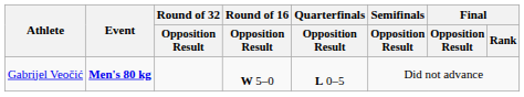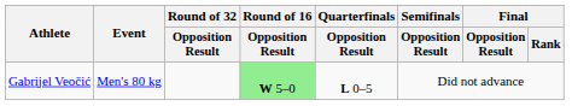 <table class="wikitable" style="font-size:90%">
 <tr>
 <th rowspan="2">Athlete</th>
 <th rowspan="2">Event</th>
 <th>Round of 32</th>
 <th>Round of 16</th>
 <th>Quarterfinals</th>
 <th>Semifinals</th>
 <th colspan=2>Final</th>
 </tr>
 <tr style="font-size:95%">
 <th>Opposition<br>Result</th>
 <th>Opposition<br>Result</th>
 <th>Opposition<br>Result</th>
 <th>Opposition<br>Result</th>
 <th>Opposition<br>Result</th>
 <th>Rank</th>
 </tr>
 <tr align=center>
 <td align=left><a href='#'>Gabrijel Veočić</a></td>
-<td align=left><strong><a href='#'>Men's 80 kg</a></strong></td>
+<td align=left><a href='#'>Men's 80 kg</a></td>
 <td></td>
-<td><br><strong>W</strong> 5–0</td>
+<td style="background: lightgreen;"><br><strong>W</strong> 5–0</td>
 <td><br><strong>L</strong> 0–5</td>
 <td colspan="3">Did not advance</td>
 </tr>
 </table>
